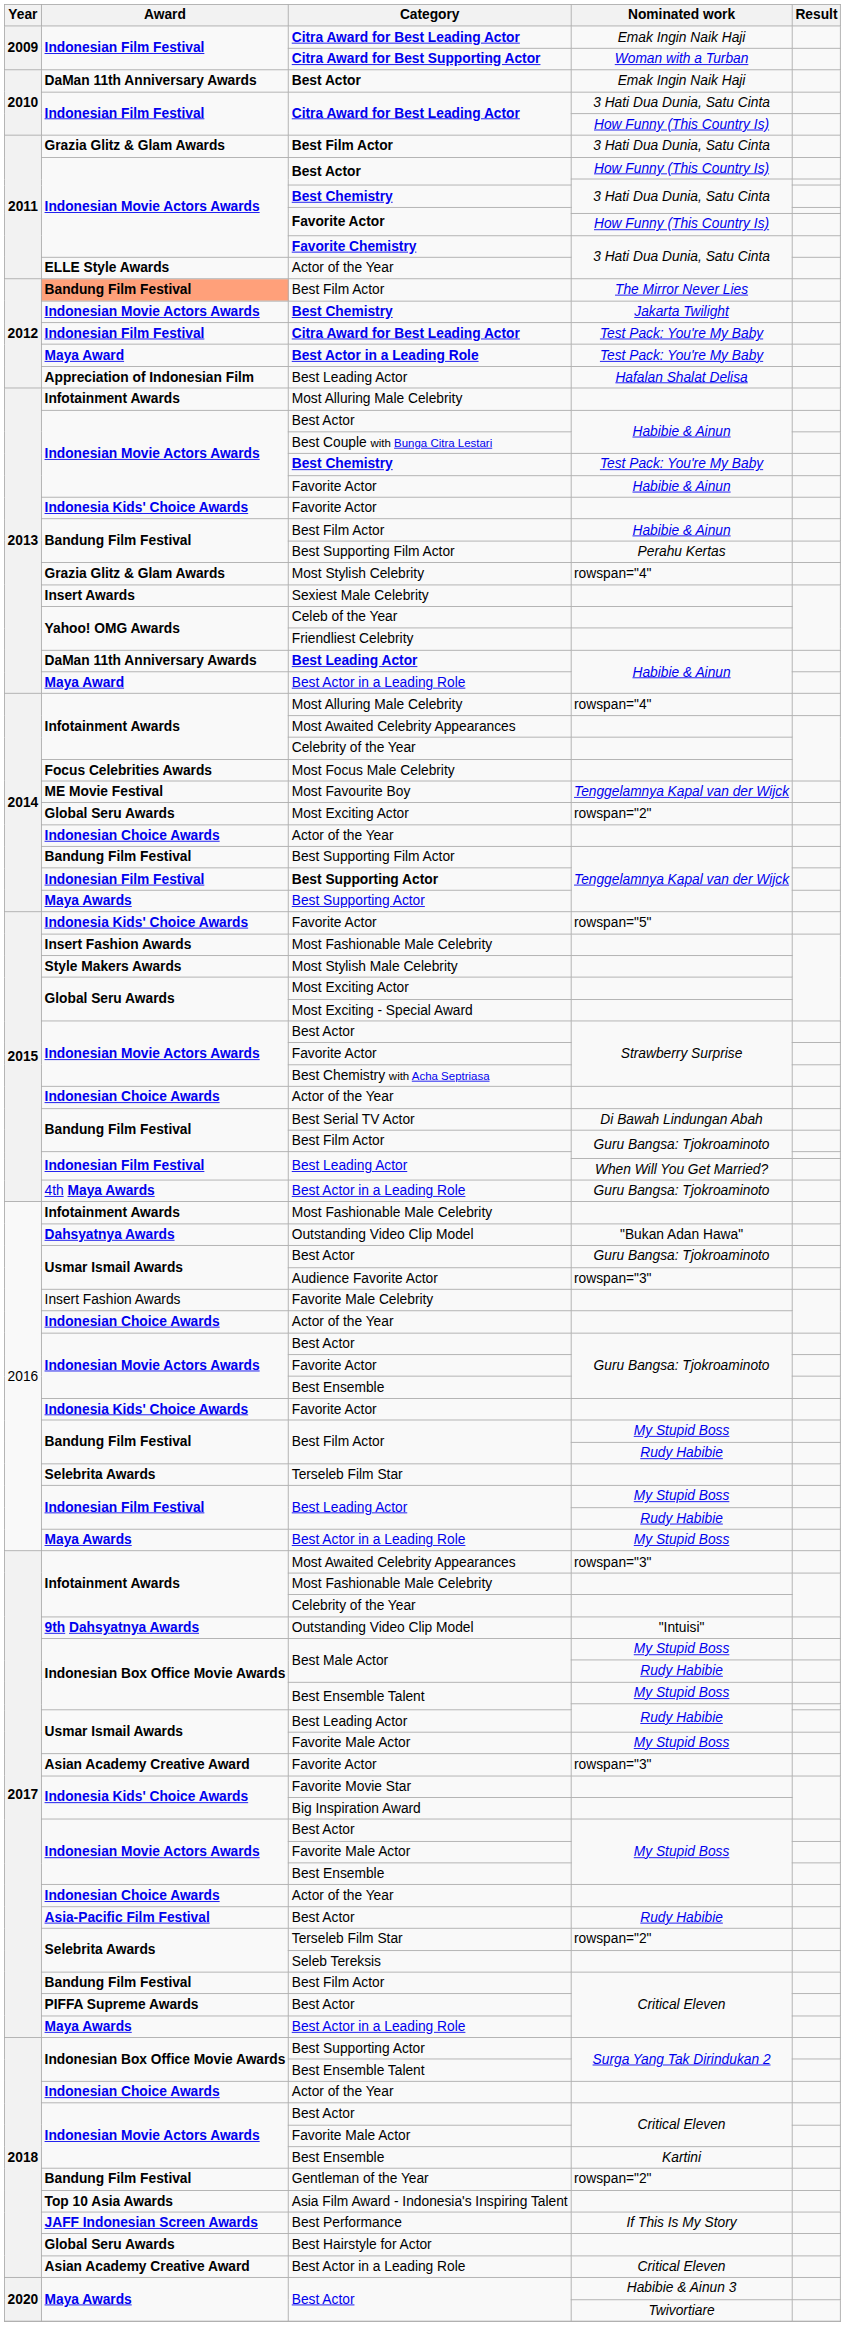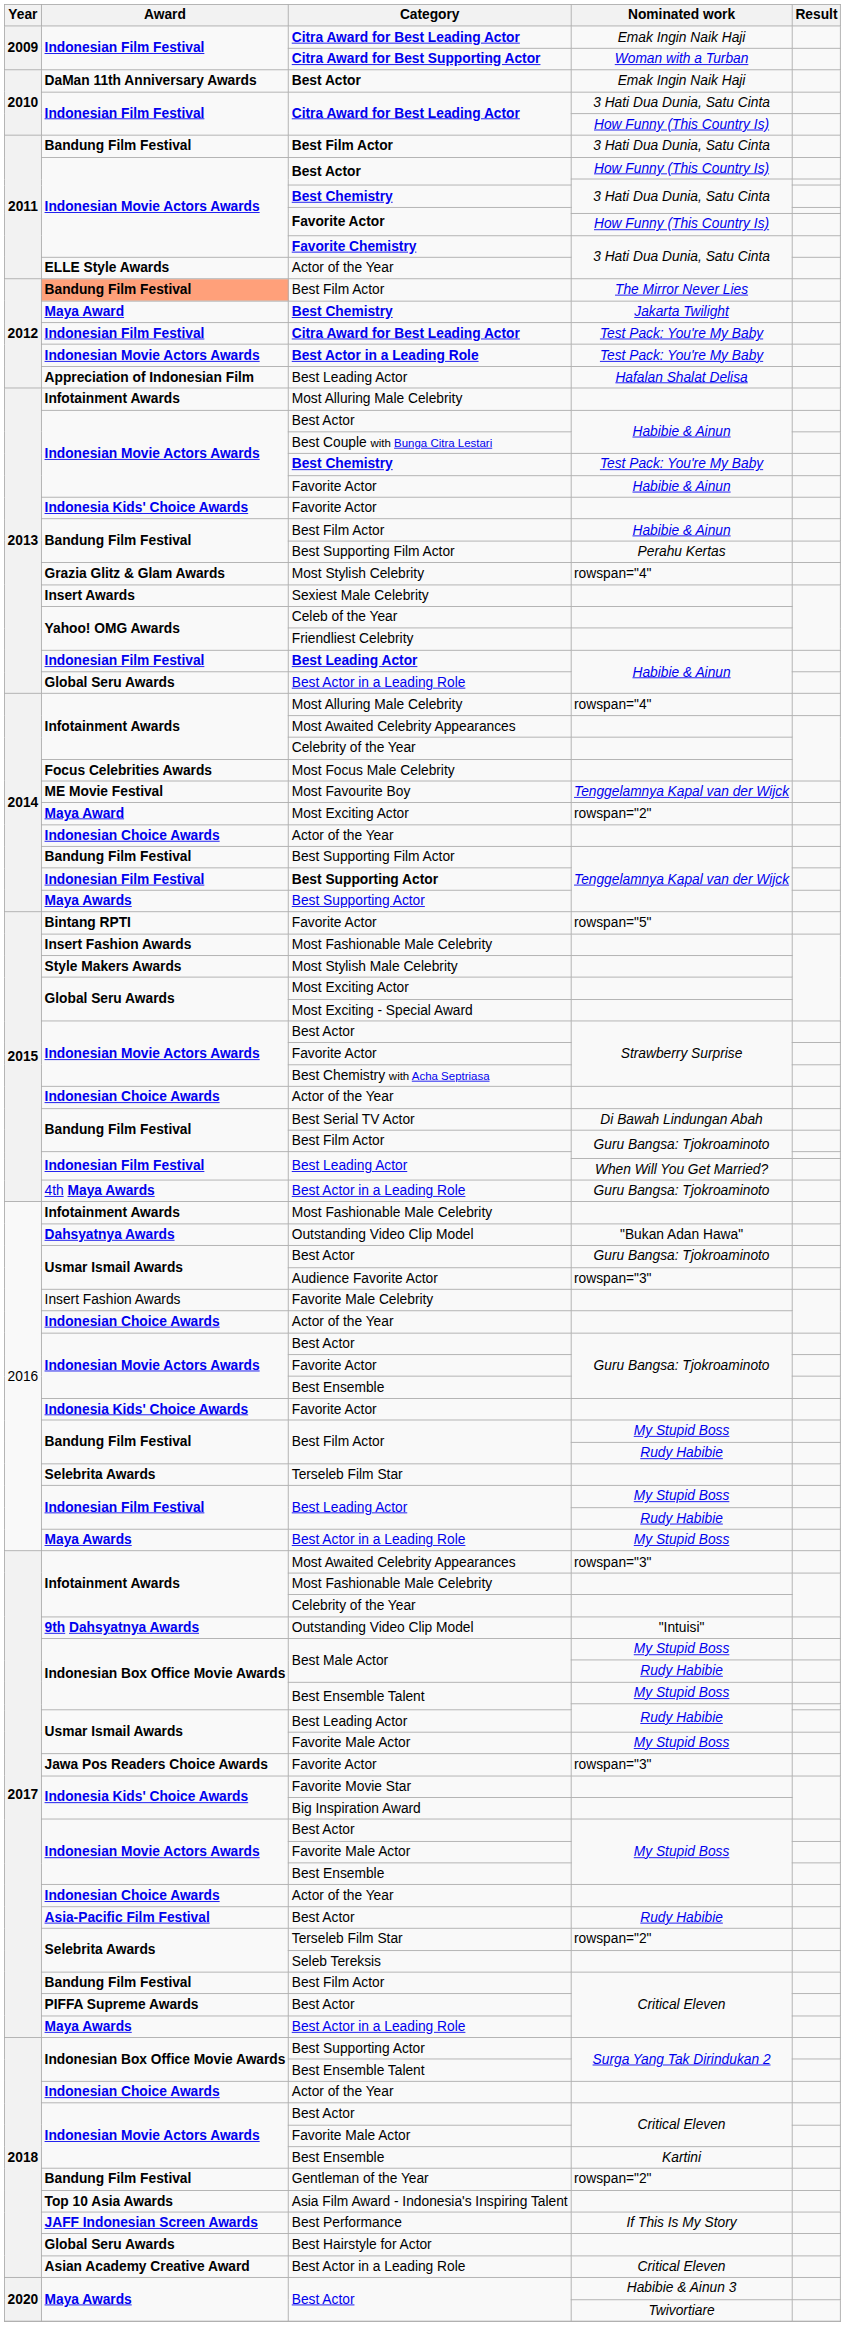 <table class="wikitable">
 <tr>
 <th>Year</th>
 <th>Award</th>
 <th>Category</th>
 <th>Nominated work</th>
 <th>Result</th>
 </tr>
 <tr>
 <th rowspan="2">2009</th>
 <td rowspan="2"><strong><a href='#'>Indonesian Film Festival</a></strong></td>
 <td><strong><a href='#'>Citra Award for Best Leading Actor</a></strong></td>
 <td style="text-align:center;"><em>Emak Ingin Naik Haji</em></td>
 <td></td>
 </tr>
 <tr>
 <td><strong><a href='#'>Citra Award for Best Supporting Actor</a></strong></td>
 <td style="text-align:center;"><em><a href='#'>Woman with a Turban</a></em></td>
 <td></td>
 </tr>
 <tr>
 <th rowspan="3">2010</th>
 <td><strong>DaMan 11th Anniversary Awards</strong></td>
 <td><strong>Best Actor</strong></td>
 <td style="text-align:center;"><em>Emak Ingin Naik Haji</em></td>
 <td></td>
 </tr>
 <tr>
 <td rowspan="2"><strong><a href='#'>Indonesian Film Festival</a></strong></td>
 <td rowspan="2"><strong><a href='#'>Citra Award for Best Leading Actor</a></strong></td>
 <td style="text-align:center;"><em>3 Hati Dua Dunia, Satu Cinta</em></td>
 <td></td>
 </tr>
 <tr>
 <td style="text-align:center;"><em><a href='#'>How Funny (This Country Is)</a></em></td>
 <td></td>
 </tr>
 <tr>
 <th rowspan="8">2011</th>
-<td><strong>Grazia Glitz & Glam Awards</strong></td>
+<td><strong>Bandung Film Festival</strong></td>
 <td><strong>Best Film Actor</strong></td>
 <td style="text-align:center;"><em>3 Hati Dua Dunia, Satu Cinta</em></td>
 <td></td>
 </tr>
 <tr>
 <td rowspan="6"><strong><a href='#'>Indonesian Movie Actors Awards</a></strong></td>
 <td rowspan="2"><strong>Best Actor</strong></td>
 <td style="text-align:center;"><em><a href='#'>How Funny (This Country Is)</a></em></td>
 <td></td>
 </tr>
 <tr>
 <td rowspan="3" style="text-align:center;"><em>3 Hati Dua Dunia, Satu Cinta</em></td>
 <td></td>
 </tr>
 <tr>
 <td><strong><a href='#'>Best Chemistry</a></strong> <strong></strong></td>
 <td></td>
 </tr>
 <tr>
 <td rowspan="2"><strong>Favorite Actor</strong></td>
 <td></td>
 </tr>
 <tr>
 <td style="text-align:center;"><em><a href='#'>How Funny (This Country Is)</a></em></td>
 <td></td>
 </tr>
 <tr>
 <td><strong><a href='#'>Favorite Chemistry</a></strong> <strong></strong></td>
 <td rowspan="2" style="text-align:center;"><em>3 Hati Dua Dunia, Satu Cinta</em></td>
 <td></td>
 </tr>
 <tr>
 <td><strong>ELLE Style Awards</strong></td>
 <td>Actor of the Year</td>
 <td></td>
 </tr>
 <tr>
 <th rowspan="5">2012</th>
 <td style="background: lightsalmon;"><strong>Bandung Film Festival</strong></td>
 <td>Best Film Actor</td>
 <td style="text-align:center;"><em><a href='#'>The Mirror Never Lies</a></em></td>
 <td></td>
 </tr>
 <tr>
-<td><strong><a href='#'>Indonesian Movie Actors Awards</a></strong></td>
+<td><strong><a href='#'>Maya Award</a></strong></td>
 <td><strong><a href='#'>Best Chemistry</a></strong> <strong></strong></td>
 <td style="text-align:center;"><em><a href='#'>Jakarta Twilight</a></em></td>
 <td></td>
 </tr>
 <tr>
 <td><strong><a href='#'>Indonesian Film Festival</a></strong></td>
 <td><strong><a href='#'>Citra Award for Best Leading Actor</a></strong></td>
 <td style="text-align:center;"><em><a href='#'>Test Pack: You're My Baby</a></em></td>
 <td></td>
 </tr>
 <tr>
-<td><strong><a href='#'>Maya Award</a></strong></td>
+<td><strong><a href='#'>Indonesian Movie Actors Awards</a></strong></td>
 <td><strong><a href='#'>Best Actor in a Leading Role</a></strong></td>
 <td style="text-align:center;"><em><a href='#'>Test Pack: You're My Baby</a></em></td>
 <td></td>
 </tr>
 <tr>
 <td><strong>Appreciation of Indonesian Film</strong></td>
 <td>Best Leading Actor</td>
 <td style="text-align:center;"><em><a href='#'>Hafalan Shalat Delisa</a></em></td>
 <td></td>
 </tr>
 <tr>
 <th rowspan="14">2013</th>
 <td><strong>Infotainment Awards</strong></td>
 <td>Most Alluring Male Celebrity</td>
 <td></td>
 <td></td>
 </tr>
 <tr>
 <td rowspan="4"><strong><a href='#'>Indonesian Movie Actors Awards</a></strong></td>
 <td>Best Actor</td>
 <td rowspan="2" style="text-align:center;"><em><a href='#'>Habibie & Ainun</a></em></td>
 <td></td>
 </tr>
 <tr>
 <td>Best Couple <small>with <a href='#'>Bunga Citra Lestari</a></small></td>
 <td></td>
 </tr>
 <tr>
 <td><strong><a href='#'>Best Chemistry</a></strong> <strong></strong></td>
 <td style="text-align:center;"><em><a href='#'>Test Pack: You're My Baby</a></em></td>
 <td></td>
 </tr>
 <tr>
 <td>Favorite Actor</td>
 <td style="text-align:center;"><em><a href='#'>Habibie & Ainun</a></em></td>
 <td></td>
 </tr>
 <tr>
 <td><strong><a href='#'>Indonesia Kids' Choice Awards</a></strong></td>
 <td>Favorite Actor</td>
 <td></td>
 <td></td>
 </tr>
 <tr>
 <td rowspan="2"><strong>Bandung Film Festival</strong></td>
 <td>Best Film Actor</td>
 <td style="text-align:center;"><em><a href='#'>Habibie & Ainun</a></em></td>
 <td></td>
 </tr>
 <tr>
 <td>Best Supporting Film Actor</td>
 <td style="text-align:center;"><em>Perahu Kertas</em></td>
 <td></td>
 </tr>
 <tr>
 <td><strong>Grazia Glitz & Glam Awards</strong></td>
 <td>Most Stylish Celebrity</td>
 <td>rowspan="4" </td>
 <td></td>
 </tr>
 <tr>
 <td><strong>Insert Awards</strong></td>
 <td>Sexiest Male Celebrity</td>
 <td></td>
 </tr>
 <tr>
 <td rowspan="2"><strong>Yahoo! OMG Awards</strong></td>
 <td>Celeb of the Year</td>
 <td></td>
 </tr>
 <tr>
 <td>Friendliest Celebrity</td>
 <td></td>
 </tr>
 <tr>
-<td><strong>DaMan 11th Anniversary Awards</strong></td>
+<td><strong><a href='#'>Indonesian Film Festival</a></strong></td>
 <td><strong><a href='#'>Best Leading Actor</a></strong></td>
 <td rowspan="2" style="text-align:center;"><em><a href='#'>Habibie & Ainun</a></em></td>
 <td></td>
 </tr>
 <tr>
-<td><strong><a href='#'>Maya Award</a></strong></td>
+<td><strong>Global Seru Awards</strong></td>
 <td><a href='#'>Best Actor in a Leading Role</a></td>
 <td></td>
 </tr>
 <tr>
 <th rowspan="10">2014</th>
 <td rowspan="3"><strong>Infotainment Awards</strong></td>
 <td>Most Alluring Male Celebrity</td>
 <td>rowspan="4" </td>
 <td></td>
 </tr>
 <tr>
 <td>Most Awaited Celebrity Appearances</td>
 <td></td>
 </tr>
 <tr>
 <td>Celebrity of the Year</td>
 <td></td>
 </tr>
 <tr>
 <td><strong>Focus Celebrities Awards</strong></td>
 <td>Most Focus Male Celebrity</td>
 <td></td>
 </tr>
 <tr>
 <td><strong>ME Movie Festival</strong></td>
 <td>Most Favourite Boy</td>
 <td style="text-align:center;"><em><a href='#'>Tenggelamnya Kapal van der Wijck</a></em></td>
 <td></td>
 </tr>
 <tr>
-<td><strong>Global Seru Awards</strong></td>
+<td><strong><a href='#'>Maya Award</a></strong></td>
 <td>Most Exciting Actor</td>
 <td>rowspan="2" </td>
 <td></td>
 </tr>
 <tr>
 <td><strong><a href='#'>Indonesian Choice Awards</a></strong></td>
 <td>Actor of the Year</td>
 <td></td>
 </tr>
 <tr>
 <td><strong>Bandung Film Festival</strong></td>
 <td>Best Supporting Film Actor</td>
 <td rowspan="3" style="text-align:center;"><em><a href='#'>Tenggelamnya Kapal van der Wijck</a></em></td>
 <td></td>
 </tr>
 <tr>
 <td><strong><a href='#'>Indonesian Film Festival</a></strong></td>
 <td><strong>Best Supporting Actor</strong></td>
 <td></td>
 </tr>
 <tr>
 <td><strong><a href='#'>Maya Awards</a></strong></td>
 <td><a href='#'>Best Supporting Actor</a></td>
 <td></td>
 </tr>
 <tr>
 <th rowspan="14">2015</th>
-<td><strong><a href='#'>Indonesia Kids' Choice Awards</a></strong></td>
+<td><strong>Bintang RPTI</strong></td>
 <td>Favorite Actor</td>
 <td>rowspan="5" </td>
 <td></td>
 </tr>
 <tr>
 <td><strong>Insert Fashion Awards</strong></td>
 <td>Most Fashionable Male Celebrity</td>
 <td></td>
 </tr>
 <tr>
 <td><strong>Style Makers Awards</strong></td>
 <td>Most Stylish Male Celebrity</td>
 <td></td>
 </tr>
 <tr>
 <td rowspan="2"><strong>Global Seru Awards</strong></td>
 <td>Most Exciting Actor</td>
 <td></td>
 </tr>
 <tr>
 <td>Most Exciting - Special Award</td>
 <td></td>
 </tr>
 <tr>
 <td rowspan="3"><strong><a href='#'>Indonesian Movie Actors Awards</a></strong></td>
 <td>Best Actor</td>
 <td rowspan="3" style="text-align:center;"><em>Strawberry Surprise</em></td>
 <td></td>
 </tr>
 <tr>
 <td>Favorite Actor</td>
 <td></td>
 </tr>
 <tr>
 <td>Best Chemistry <small>with <a href='#'>Acha Septriasa</a></small></td>
 <td></td>
 </tr>
 <tr>
 <td><strong><a href='#'>Indonesian Choice Awards</a></strong></td>
 <td>Actor of the Year</td>
 <td></td>
 <td></td>
 </tr>
 <tr>
 <td rowspan="2"><strong>Bandung Film Festival</strong></td>
 <td>Best Serial TV Actor</td>
 <td style="text-align:center;"><em>Di Bawah Lindungan Abah</em></td>
 <td></td>
 </tr>
 <tr>
 <td>Best Film Actor</td>
 <td rowspan="2" style="text-align:center;"><em>Guru Bangsa: Tjokroaminoto</em></td>
 <td></td>
 </tr>
 <tr>
 <td rowspan="2"><strong><a href='#'>Indonesian Film Festival</a></strong></td>
 <td rowspan="2"><a href='#'>Best Leading Actor</a></td>
 <td></td>
 </tr>
 <tr>
 <td style="text-align:center;"><em>When Will You Get Married?</em></td>
 <td></td>
 </tr>
 <tr>
 <td><a href='#'>4th</a> <strong><a href='#'>Maya Awards</a></strong></td>
 <td><a href='#'>Best Actor in a Leading Role</a></td>
 <td style="text-align:center;"><em>Guru Bangsa: Tjokroaminoto</em></td>
 <td></td>
 </tr>
 <tr>
 <td rowspan="16">2016</td>
 <td><strong>Infotainment Awards</strong></td>
 <td>Most Fashionable Male Celebrity</td>
 <td></td>
 <td></td>
 </tr>
 <tr>
 <td><strong><a href='#'>Dahsyatnya Awards</a></strong></td>
 <td>Outstanding Video Clip Model</td>
 <td style="text-align:center;">"Bukan Adan Hawa"</td>
 <td></td>
 </tr>
 <tr>
 <td rowspan="2"><strong>Usmar Ismail Awards</strong></td>
 <td>Best Actor</td>
 <td style="text-align:center;"><em>Guru Bangsa: Tjokroaminoto</em></td>
 <td></td>
 </tr>
 <tr>
 <td>Audience Favorite Actor</td>
 <td>rowspan="3" </td>
 <td></td>
 </tr>
 <tr>
 <td>Insert Fashion Awards</td>
 <td>Favorite Male Celebrity</td>
 <td></td>
 </tr>
 <tr>
 <td><strong><a href='#'>Indonesian Choice Awards</a></strong></td>
 <td>Actor of the Year</td>
 <td></td>
 </tr>
 <tr>
 <td rowspan="3"><strong><a href='#'>Indonesian Movie Actors Awards</a></strong></td>
 <td>Best Actor</td>
 <td rowspan="3" style="text-align:center;"><em>Guru Bangsa: Tjokroaminoto</em></td>
 <td></td>
 </tr>
 <tr>
 <td>Favorite Actor</td>
 <td></td>
 </tr>
 <tr>
 <td>Best Ensemble</td>
 <td></td>
 </tr>
 <tr>
 <td><strong><a href='#'>Indonesia Kids' Choice Awards</a></strong></td>
 <td>Favorite Actor</td>
 <td></td>
 <td></td>
 </tr>
 <tr>
 <td rowspan="2"><strong>Bandung Film Festival</strong></td>
 <td rowspan="2">Best Film Actor</td>
 <td style="text-align:center;"><em><a href='#'>My Stupid Boss</a></em></td>
 <td></td>
 </tr>
 <tr>
 <td style="text-align:center;"><em><a href='#'>Rudy Habibie</a></em></td>
 <td></td>
 </tr>
 <tr>
 <td><strong>Selebrita Awards</strong></td>
 <td>Terseleb Film Star</td>
 <td></td>
 <td></td>
 </tr>
 <tr>
 <td rowspan="2"><strong><a href='#'>Indonesian Film Festival</a></strong></td>
 <td rowspan="2"><a href='#'>Best Leading Actor</a></td>
 <td style="text-align:center;"><em><a href='#'>My Stupid Boss</a></em></td>
 <td></td>
 </tr>
 <tr>
 <td style="text-align:center;"><em><a href='#'>Rudy Habibie</a></em></td>
 <td></td>
 </tr>
 <tr>
 <td><strong><a href='#'>Maya Awards</a></strong></td>
 <td><a href='#'>Best Actor in a Leading Role</a></td>
 <td style="text-align:center;"><em><a href='#'>My Stupid Boss</a></em></td>
 <td></td>
 </tr>
 <tr>
 <th rowspan="23">2017</th>
 <td rowspan="3"><strong>Infotainment Awards</strong></td>
 <td>Most Awaited Celebrity Appearances</td>
 <td>rowspan="3" </td>
 <td></td>
 </tr>
 <tr>
 <td>Most Fashionable Male Celebrity</td>
 <td></td>
 </tr>
 <tr>
 <td>Celebrity of the Year</td>
 <td></td>
 </tr>
 <tr>
 <td><strong><a href='#'>9th</a> <a href='#'>Dahsyatnya Awards</a></strong></td>
 <td>Outstanding Video Clip Model</td>
 <td style="text-align:center;">"Intuisi"</td>
 <td></td>
 </tr>
 <tr>
 <td rowspan="4"><strong>Indonesian Box Office Movie Awards</strong></td>
 <td rowspan="2">Best Male Actor</td>
 <td style="text-align:center;"><em><a href='#'>My Stupid Boss</a></em></td>
 <td></td>
 </tr>
 <tr>
 <td style="text-align:center;"><em><a href='#'>Rudy Habibie</a></em></td>
 <td></td>
 </tr>
 <tr>
 <td rowspan="2">Best Ensemble Talent</td>
 <td style="text-align:center;"><em><a href='#'>My Stupid Boss</a></em></td>
 <td></td>
 </tr>
 <tr>
 <td rowspan="2" style="text-align:center;"><em><a href='#'>Rudy Habibie</a></em></td>
 <td></td>
 </tr>
 <tr>
 <td rowspan="2"><strong>Usmar Ismail Awards</strong></td>
 <td>Best Leading Actor</td>
 <td></td>
 </tr>
 <tr>
 <td>Favorite Male Actor</td>
 <td style="text-align:center;"><em><a href='#'>My Stupid Boss</a></em></td>
 <td></td>
 </tr>
 <tr>
-<td><strong>Asian Academy Creative Award</strong></td>
+<td><strong>Jawa Pos Readers Choice Awards</strong></td>
 <td>Favorite Actor</td>
 <td>rowspan="3" </td>
 <td></td>
 </tr>
 <tr>
 <td rowspan="2"><strong><a href='#'>Indonesia Kids' Choice Awards</a></strong></td>
 <td>Favorite Movie Star</td>
 <td></td>
 </tr>
 <tr>
 <td>Big Inspiration Award</td>
 <td></td>
 </tr>
 <tr>
 <td rowspan="3"><strong><a href='#'>Indonesian Movie Actors Awards</a></strong></td>
 <td>Best Actor</td>
 <td rowspan="3" style="text-align:center;"><em><a href='#'>My Stupid Boss</a></em></td>
 <td></td>
 </tr>
 <tr>
 <td>Favorite Male Actor</td>
 <td></td>
 </tr>
 <tr>
 <td>Best Ensemble</td>
 <td></td>
 </tr>
 <tr>
 <td><strong><a href='#'>Indonesian Choice Awards</a></strong></td>
 <td>Actor of the Year</td>
 <td></td>
 <td></td>
 </tr>
 <tr>
 <td><strong><a href='#'>Asia-Pacific Film Festival</a></strong></td>
 <td>Best Actor</td>
 <td style="text-align:center;"><em><a href='#'>Rudy Habibie</a></em></td>
 <td></td>
 </tr>
 <tr>
 <td rowspan="2"><strong>Selebrita Awards</strong></td>
 <td>Terseleb Film Star</td>
 <td>rowspan="2" </td>
 <td></td>
 </tr>
 <tr>
 <td>Seleb Tereksis</td>
 <td></td>
 </tr>
 <tr>
 <td><strong>Bandung Film Festival</strong></td>
 <td>Best Film Actor</td>
 <td rowspan="3" style="text-align:center;"><em>Critical Eleven</em></td>
 <td></td>
 </tr>
 <tr>
 <td><strong>PIFFA Supreme Awards</strong></td>
 <td>Best Actor</td>
 <td></td>
 </tr>
 <tr>
 <td><strong><a href='#'>Maya Awards</a></strong></td>
 <td><a href='#'>Best Actor in a Leading Role</a></td>
 <td></td>
 </tr>
 <tr>
 <th rowspan="11">2018</th>
 <td rowspan="2"><strong>Indonesian Box Office Movie Awards</strong></td>
 <td>Best Supporting Actor</td>
 <td rowspan="2" style="text-align:center;"><em><a href='#'>Surga Yang Tak Dirindukan 2</a></em></td>
 <td></td>
 </tr>
 <tr>
 <td>Best Ensemble Talent</td>
 <td></td>
 </tr>
 <tr>
 <td><strong><a href='#'>Indonesian Choice Awards</a></strong></td>
 <td>Actor of the Year</td>
 <td></td>
 <td></td>
 </tr>
 <tr>
 <td rowspan="3"><strong><a href='#'>Indonesian Movie Actors Awards</a></strong></td>
 <td>Best Actor</td>
 <td rowspan="2" style="text-align:center;"><em>Critical Eleven</em></td>
 <td></td>
 </tr>
 <tr>
 <td>Favorite Male Actor</td>
 <td></td>
 </tr>
 <tr>
 <td>Best Ensemble</td>
 <td style="text-align:center;"><em>Kartini</em></td>
 <td></td>
 </tr>
 <tr>
 <td><strong>Bandung Film Festival</strong></td>
 <td>Gentleman of the Year</td>
 <td>rowspan="2" </td>
 <td></td>
 </tr>
 <tr>
 <td><strong>Top 10 Asia Awards</strong></td>
 <td>Asia Film Award - Indonesia's Inspiring Talent</td>
 <td></td>
 </tr>
 <tr>
 <td><strong><a href='#'>JAFF Indonesian Screen Awards</a></strong></td>
 <td>Best Performance</td>
 <td style="text-align:center;"><em>If This Is My Story</em></td>
 <td></td>
 </tr>
 <tr>
 <td><strong>Global Seru Awards</strong></td>
 <td>Best Hairstyle for Actor</td>
 <td></td>
 <td></td>
 </tr>
 <tr>
 <td><strong>Asian Academy Creative Award</strong></td>
 <td>Best Actor in a Leading Role</td>
 <td style="text-align:center;"><em>Critical Eleven</em></td>
 <td></td>
 </tr>
 <tr>
 <th rowspan="2">2020</th>
 <td rowspan="2"><strong><a href='#'>Maya Awards</a></strong></td>
 <td rowspan="2"><a href='#'>Best Actor</a></td>
 <td style="text-align:center;"><em>Habibie & Ainun 3</em></td>
 <td></td>
 </tr>
 <tr>
 <td style="text-align:center;"><em>Twivortiare</em></td>
 <td></td>
 </tr>
 <tr>
 </tr>
 </table>
